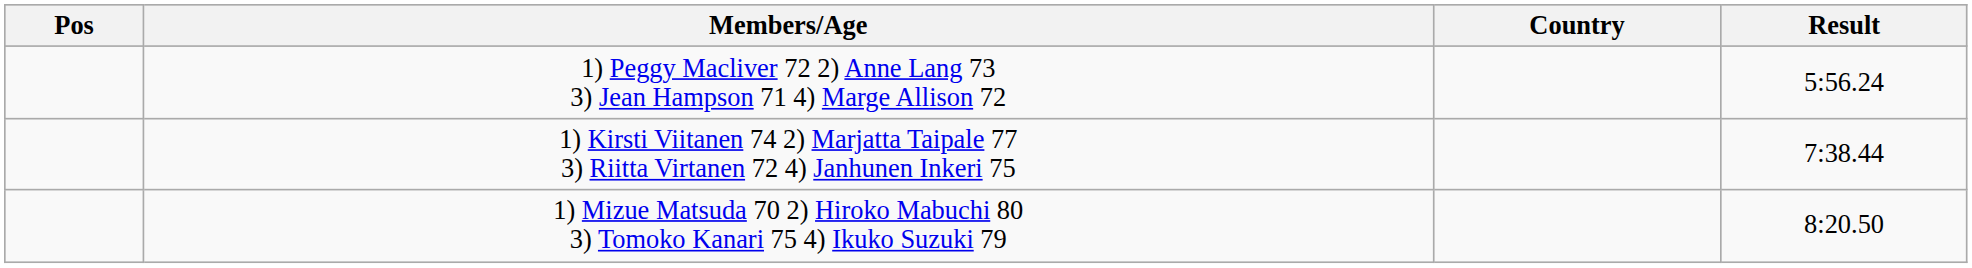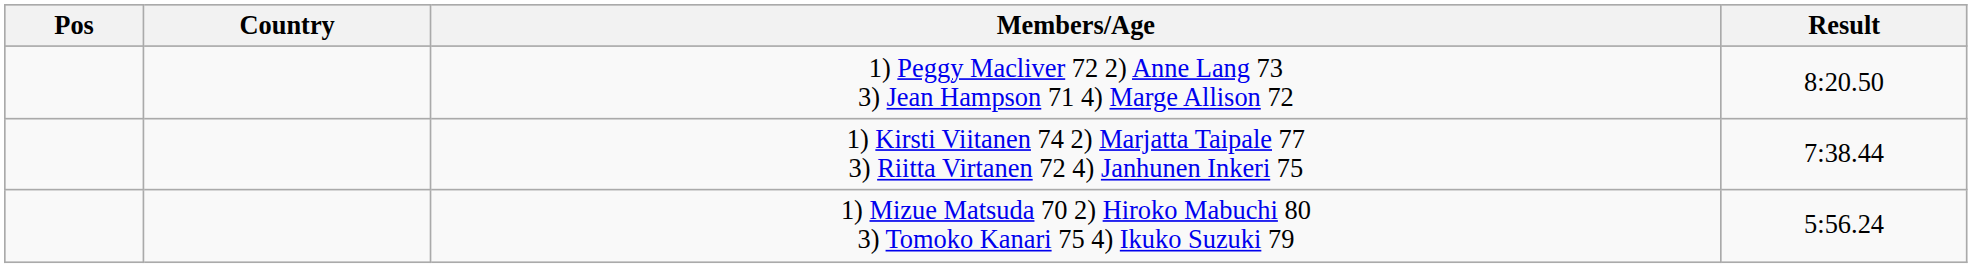 <table class="wikitable"  style="text-align:center; width:60%;">
 <tr>
 <th>Pos</th>
+<th>Country</th>
 <th>Members/Age</th>
-<th>Country</th>
 <th>Result</th>
 </tr>
 <tr>
 <td align=center></td>
+<td align=left></td>
 <td>1) <a href='#'>Peggy Macliver</a> 72 2) <a href='#'>Anne Lang</a> 73<br>3) <a href='#'>Jean Hampson</a> 71 4) <a href='#'>Marge Allison</a> 72</td>
-<td align=left></td>
-<td>5:56.24</td>
+<td>8:20.50</td>
 </tr>
 <tr>
 <td align=center></td>
+<td align=left></td>
 <td>1) <a href='#'>Kirsti Viitanen</a> 74 2) <a href='#'>Marjatta Taipale</a> 77<br>3) <a href='#'>Riitta Virtanen</a> 72 4) <a href='#'>Janhunen Inkeri</a> 75</td>
-<td align=left></td>
 <td>7:38.44</td>
 </tr>
 <tr>
 <td align=center></td>
+<td align=left></td>
 <td>1) <a href='#'>Mizue Matsuda</a> 70 2) <a href='#'>Hiroko Mabuchi</a> 80<br>3) <a href='#'>Tomoko Kanari</a> 75 4) <a href='#'>Ikuko Suzuki</a> 79</td>
-<td align=left></td>
-<td>8:20.50</td>
+<td>5:56.24</td>
 </tr>
 </table>
